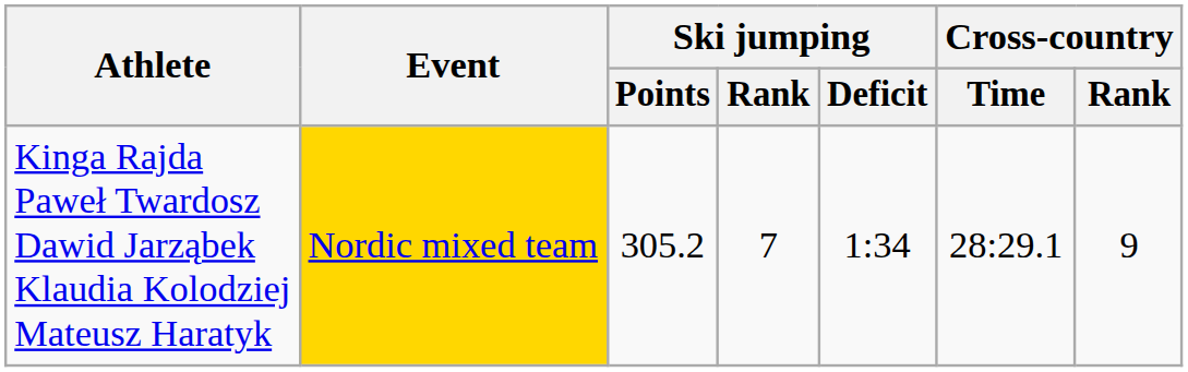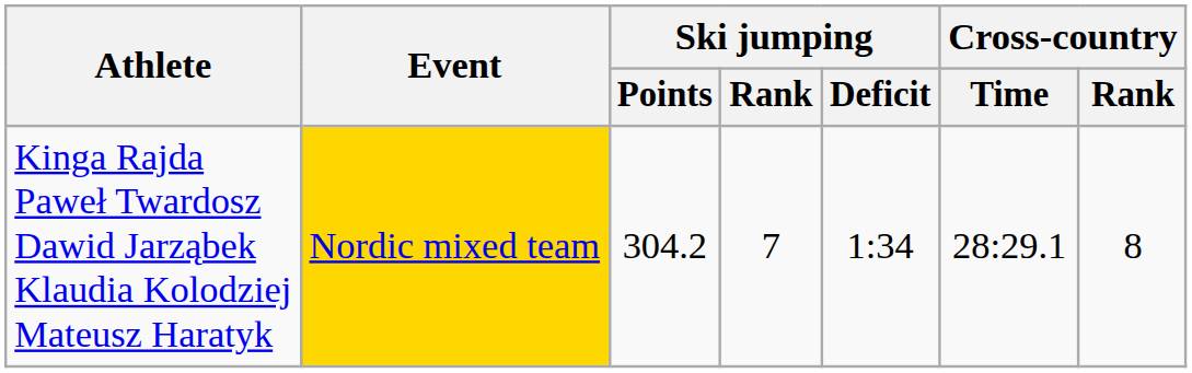 <table class="wikitable" style="font-size:90%">
 <tr>
 <th rowspan="2">Athlete</th>
 <th rowspan="2">Event</th>
 <th colspan="3">Ski jumping</th>
 <th colspan="2">Cross-country</th>
 </tr>
 <tr style="font-size:95%">
 <th>Points</th>
 <th>Rank</th>
 <th>Deficit</th>
 <th>Time</th>
 <th>Rank</th>
 </tr>
 <tr align=center>
 <td align=left><a href='#'>Kinga Rajda</a><br><a href='#'>Paweł Twardosz</a><br><a href='#'>Dawid Jarząbek</a><br><a href='#'>Klaudia Kolodziej</a><br><a href='#'>Mateusz Haratyk</a></td>
 <td align=left style="background: gold;"><a href='#'>Nordic mixed team</a></td>
-<td>305.2</td>
+<td>304.2</td>
 <td>7</td>
 <td>1:34</td>
 <td>28:29.1</td>
-<td>9</td>
+<td>8</td>
 </tr>
 </table>
